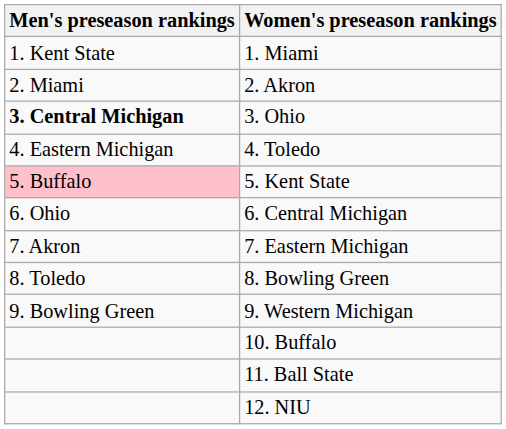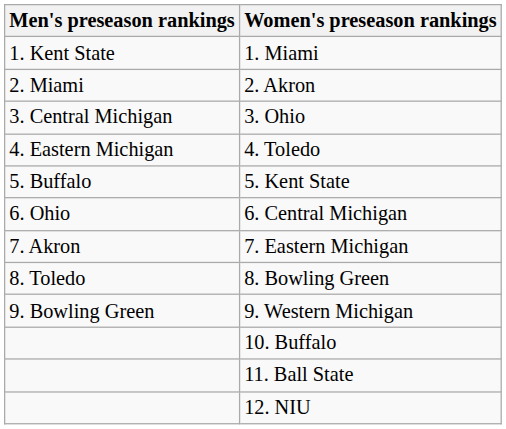 <table class="wikitable">
 <tr>
 <th>Men's preseason rankings</th>
 <th>Women's preseason rankings</th>
 </tr>
 <tr>
 <td>1. Kent State</td>
 <td>1. Miami</td>
 </tr>
 <tr>
 <td>2. Miami</td>
 <td>2. Akron</td>
 </tr>
 <tr>
-<td><strong>3. Central Michigan</strong></td>
+<td>3. Central Michigan</td>
 <td>3. Ohio</td>
 </tr>
 <tr>
 <td>4. Eastern Michigan</td>
 <td>4. Toledo</td>
 </tr>
 <tr>
-<td style="background: pink;">5. Buffalo</td>
+<td>5. Buffalo</td>
 <td>5. Kent State</td>
 </tr>
 <tr>
 <td>6. Ohio</td>
 <td>6. Central Michigan</td>
 </tr>
 <tr>
 <td>7. Akron</td>
 <td>7. Eastern Michigan</td>
 </tr>
 <tr>
 <td>8. Toledo</td>
 <td>8. Bowling Green</td>
 </tr>
 <tr>
 <td>9. Bowling Green</td>
 <td>9. Western Michigan</td>
 </tr>
 <tr>
 <td></td>
 <td>10. Buffalo</td>
 </tr>
 <tr>
 <td></td>
 <td>11. Ball State</td>
 </tr>
 <tr>
 <td></td>
 <td>12. NIU</td>
 </tr>
 </table>
